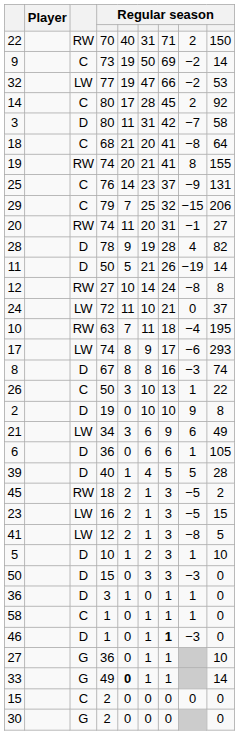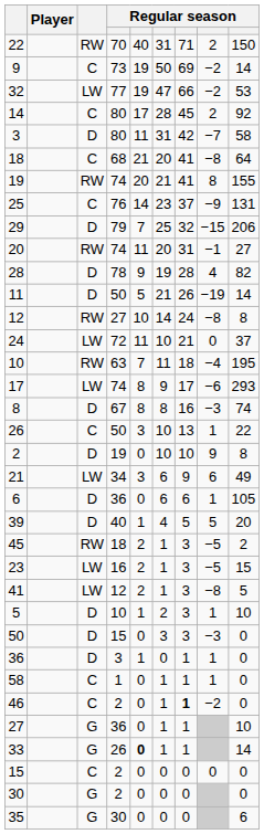 <table class="wikitable sortable plainrowheaders" style="text-align:center;">
 <tr>
 <th scope="col" data-sort-type="number" rowspan="2"></th>
 <th scope="col" rowspan="2">Player</th>
 <th scope="col" rowspan="2"></th>
 <th scope=colgroup colspan=6>Regular season</th>
 </tr>
 <tr>
 <th scope="col" data-sort-type="number"></th>
 <th scope="col" data-sort-type="number"></th>
 <th scope="col" data-sort-type="number"></th>
 <th scope="col" data-sort-type="number"></th>
 <th scope="col" data-sort-type="number"></th>
 <th scope="col" data-sort-type="number"></th>
 </tr>
 <tr>
 <td scope="row">22</td>
 <td align="left"></td>
 <td>RW</td>
 <td>70</td>
 <td>40</td>
 <td>31</td>
 <td>71</td>
 <td>2</td>
 <td>150</td>
 </tr>
 <tr>
 <td scope="row">9</td>
 <td align="left"></td>
 <td>C</td>
 <td>73</td>
 <td>19</td>
 <td>50</td>
 <td>69</td>
 <td>−2</td>
 <td>14</td>
 </tr>
 <tr>
 <td scope="row">32</td>
 <td align="left"></td>
 <td>LW</td>
 <td>77</td>
 <td>19</td>
 <td>47</td>
 <td>66</td>
 <td>−2</td>
 <td>53</td>
 </tr>
 <tr>
 <td scope="row">14</td>
 <td align="left"></td>
 <td>C</td>
 <td>80</td>
 <td>17</td>
 <td>28</td>
 <td>45</td>
 <td>2</td>
 <td>92</td>
 </tr>
 <tr>
 <td scope="row">3</td>
 <td align="left"></td>
 <td>D</td>
 <td>80</td>
 <td>11</td>
 <td>31</td>
 <td>42</td>
 <td>−7</td>
 <td>58</td>
 </tr>
 <tr>
 <td scope="row">18</td>
 <td align="left"></td>
 <td>C</td>
 <td>68</td>
 <td>21</td>
 <td>20</td>
 <td>41</td>
 <td>−8</td>
 <td>64</td>
 </tr>
 <tr>
 <td scope="row">19</td>
 <td align="left"></td>
 <td>RW</td>
 <td>74</td>
 <td>20</td>
 <td>21</td>
 <td>41</td>
 <td>8</td>
 <td>155</td>
 </tr>
 <tr>
 <td scope="row">25</td>
 <td align="left"></td>
 <td>C</td>
 <td>76</td>
 <td>14</td>
 <td>23</td>
 <td>37</td>
 <td>−9</td>
 <td>131</td>
 </tr>
 <tr>
 <td scope="row">29</td>
 <td align="left"></td>
-<td>C</td>
+<td>D</td>
 <td>79</td>
 <td>7</td>
 <td>25</td>
 <td>32</td>
 <td>−15</td>
 <td>206</td>
 </tr>
 <tr>
 <td scope="row">20</td>
 <td align="left"></td>
 <td>RW</td>
 <td>74</td>
 <td>11</td>
 <td>20</td>
 <td>31</td>
 <td>−1</td>
 <td>27</td>
 </tr>
 <tr>
 <td scope="row">28</td>
 <td align="left"></td>
 <td>D</td>
 <td>78</td>
 <td>9</td>
 <td>19</td>
 <td>28</td>
 <td>4</td>
 <td>82</td>
 </tr>
 <tr>
 <td scope="row">11</td>
 <td align="left"></td>
 <td>D</td>
 <td>50</td>
 <td>5</td>
 <td>21</td>
 <td>26</td>
 <td>−19</td>
 <td>14</td>
 </tr>
 <tr>
 <td scope="row">12</td>
 <td align="left"></td>
 <td>RW</td>
 <td>27</td>
 <td>10</td>
 <td>14</td>
 <td>24</td>
 <td>−8</td>
 <td>8</td>
 </tr>
 <tr>
 <td scope="row">24</td>
 <td align="left"></td>
 <td>LW</td>
 <td>72</td>
 <td>11</td>
 <td>10</td>
 <td>21</td>
 <td>0</td>
 <td>37</td>
 </tr>
 <tr>
 <td scope="row">10</td>
 <td align="left"></td>
 <td>RW</td>
 <td>63</td>
 <td>7</td>
 <td>11</td>
 <td>18</td>
 <td>−4</td>
 <td>195</td>
 </tr>
 <tr>
 <td scope="row">17</td>
 <td align="left"></td>
 <td>LW</td>
 <td>74</td>
 <td>8</td>
 <td>9</td>
 <td>17</td>
 <td>−6</td>
 <td>293</td>
 </tr>
 <tr>
 <td scope="row">8</td>
 <td align="left"></td>
 <td>D</td>
 <td>67</td>
 <td>8</td>
 <td>8</td>
 <td>16</td>
 <td>−3</td>
 <td>74</td>
 </tr>
 <tr>
 <td scope="row">26</td>
 <td align="left"></td>
 <td>C</td>
 <td>50</td>
 <td>3</td>
 <td>10</td>
 <td>13</td>
 <td>1</td>
 <td>22</td>
 </tr>
 <tr>
 <td scope="row">2</td>
 <td align="left"></td>
 <td>D</td>
 <td>19</td>
 <td>0</td>
 <td>10</td>
 <td>10</td>
 <td>9</td>
 <td>8</td>
 </tr>
 <tr>
 <td scope="row">21</td>
 <td align="left"></td>
 <td>LW</td>
 <td>34</td>
 <td>3</td>
 <td>6</td>
 <td>9</td>
 <td>6</td>
 <td>49</td>
 </tr>
 <tr>
 <td scope="row">6</td>
 <td align="left"></td>
 <td>D</td>
 <td>36</td>
 <td>0</td>
 <td>6</td>
 <td>6</td>
 <td>1</td>
 <td>105</td>
 </tr>
 <tr>
 <td scope="row">39</td>
 <td align="left"></td>
 <td>D</td>
 <td>40</td>
 <td>1</td>
 <td>4</td>
 <td>5</td>
 <td>5</td>
-<td>28</td>
+<td>20</td>
 </tr>
 <tr>
 <td scope="row">45</td>
 <td align="left"></td>
 <td>RW</td>
 <td>18</td>
 <td>2</td>
 <td>1</td>
 <td>3</td>
 <td>−5</td>
 <td>2</td>
 </tr>
 <tr>
 <td scope="row">23</td>
 <td align="left"></td>
 <td>LW</td>
 <td>16</td>
 <td>2</td>
 <td>1</td>
 <td>3</td>
 <td>−5</td>
 <td>15</td>
 </tr>
 <tr>
 <td scope="row">41</td>
 <td align="left"></td>
 <td>LW</td>
 <td>12</td>
 <td>2</td>
 <td>1</td>
 <td>3</td>
 <td>−8</td>
 <td>5</td>
 </tr>
 <tr>
 <td scope="row">5</td>
 <td align="left"></td>
 <td>D</td>
 <td>10</td>
 <td>1</td>
 <td>2</td>
 <td>3</td>
 <td>1</td>
 <td>10</td>
 </tr>
 <tr>
 <td scope="row">50</td>
 <td align="left"></td>
 <td>D</td>
 <td>15</td>
 <td>0</td>
 <td>3</td>
 <td>3</td>
 <td>−3</td>
 <td>0</td>
 </tr>
 <tr>
 <td scope="row">36</td>
 <td align="left"></td>
 <td>D</td>
 <td>3</td>
 <td>1</td>
 <td>0</td>
 <td>1</td>
 <td>1</td>
 <td>0</td>
 </tr>
 <tr>
 <td scope="row">58</td>
 <td align="left"></td>
 <td>C</td>
 <td>1</td>
 <td>0</td>
 <td>1</td>
 <td>1</td>
 <td>1</td>
 <td>0</td>
 </tr>
 <tr>
 <td scope="row">46</td>
 <td align="left"></td>
-<td>D</td>
-<td>1</td>
+<td>C</td>
+<td>2</td>
 <td>0</td>
 <td>1</td>
 <td><strong>1</strong></td>
-<td>−3</td>
+<td>−2</td>
 <td>0</td>
 </tr>
 <tr>
 <td scope="row">27</td>
 <td align="left"></td>
 <td>G</td>
 <td>36</td>
 <td>0</td>
 <td>1</td>
 <td>1</td>
 <td style="background:#ccc"></td>
 <td>10</td>
 </tr>
 <tr>
 <td scope="row">33</td>
 <td align="left"></td>
 <td>G</td>
-<td>49</td>
+<td>26</td>
 <td><strong>0</strong></td>
 <td>1</td>
 <td>1</td>
 <td style="background:#ccc"></td>
 <td>14</td>
 </tr>
 <tr>
 <td scope="row">15</td>
 <td align="left"></td>
 <td>C</td>
 <td>2</td>
 <td>0</td>
 <td>0</td>
 <td>0</td>
 <td>0</td>
 <td>0</td>
 </tr>
 <tr>
 <td scope="row">30</td>
 <td align="left"></td>
 <td>G</td>
 <td>2</td>
 <td>0</td>
 <td>0</td>
 <td>0</td>
 <td style="background:#ccc"></td>
 <td>0</td>
 </tr>
+<tr>
+<td scope="row">35</td>
+<td align="left"></td>
+<td>G</td>
+<td>30</td>
+<td>0</td>
+<td>0</td>
+<td>0</td>
+<td style="background:#ccc"></td>
+<td>6</td>
+</tr>
 </table>
